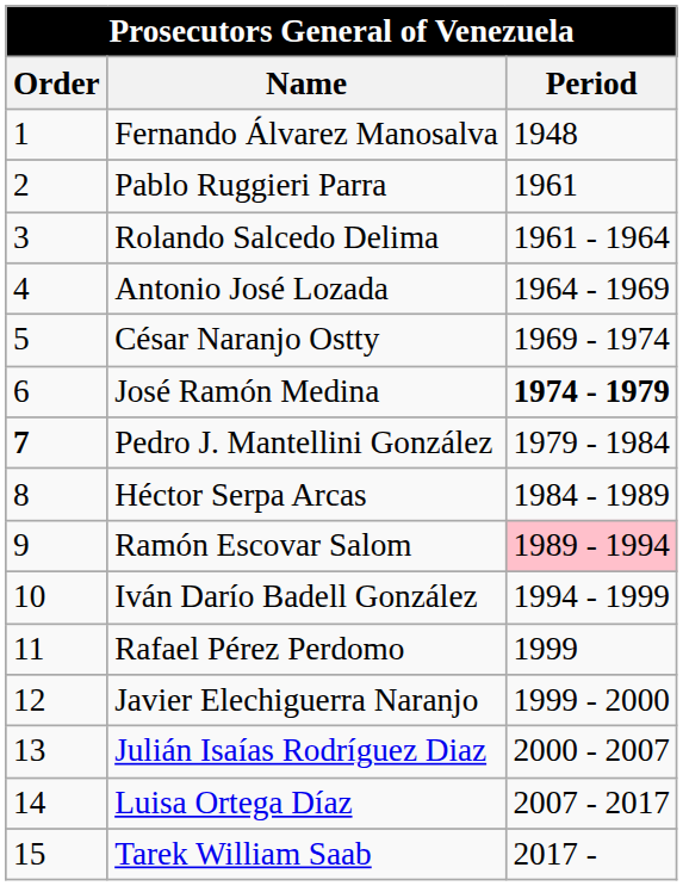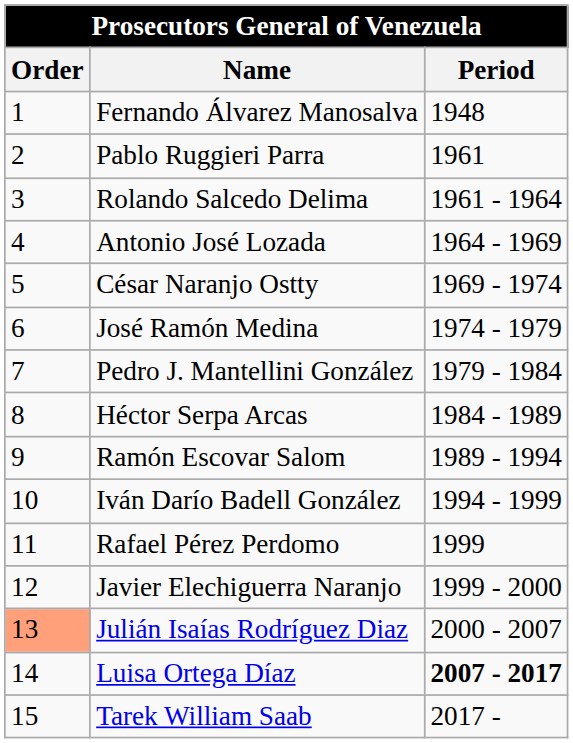 <table class="wikitable">
 <tr>
 <td bgcolor="black" colspan="4" align="center" style="color:white;"><strong>Prosecutors General of  Venezuela</strong></td>
 </tr>
 <tr bgcolor=#efefef>
 <th align="center"><strong>Order</strong></th>
 <th align="center"><strong>Name</strong></th>
 <th align="center"><strong>Period</strong></th>
 </tr>
 <tr>
 <td>1</td>
 <td>Fernando Álvarez Manosalva</td>
 <td>1948</td>
 </tr>
 <tr>
 <td>2</td>
 <td>Pablo Ruggieri Parra</td>
 <td>1961</td>
 </tr>
 <tr>
 <td>3</td>
 <td>Rolando Salcedo Delima</td>
 <td>1961 - 1964</td>
 </tr>
 <tr>
 <td>4</td>
 <td>Antonio José Lozada</td>
 <td>1964 - 1969</td>
 </tr>
 <tr>
 <td>5</td>
 <td>César Naranjo Ostty</td>
 <td>1969 - 1974</td>
 </tr>
 <tr>
 <td>6</td>
 <td>José Ramón Medina</td>
-<td><strong>1974 - 1979</strong></td>
+<td>1974 - 1979</td>
 </tr>
 <tr>
-<td><strong>7</strong></td>
+<td>7</td>
 <td>Pedro J. Mantellini González</td>
 <td>1979 - 1984</td>
 </tr>
 <tr>
 <td>8</td>
 <td>Héctor Serpa Arcas</td>
 <td>1984 - 1989</td>
 </tr>
 <tr>
 <td>9</td>
 <td>Ramón Escovar Salom</td>
-<td style="background: pink;">1989 - 1994</td>
+<td>1989 - 1994</td>
 </tr>
 <tr>
 <td>10</td>
 <td>Iván Darío Badell González</td>
 <td>1994 - 1999</td>
 </tr>
 <tr>
 <td>11</td>
 <td>Rafael Pérez Perdomo</td>
 <td>1999</td>
 </tr>
 <tr>
 <td>12</td>
 <td>Javier Elechiguerra Naranjo</td>
 <td>1999 - 2000</td>
 </tr>
 <tr>
-<td>13</td>
+<td style="background: lightsalmon;">13</td>
 <td><a href='#'>Julián Isaías Rodríguez Diaz</a></td>
 <td>2000 - 2007</td>
 </tr>
 <tr>
 <td>14</td>
 <td><a href='#'>Luisa Ortega Díaz</a></td>
-<td>2007 - 2017</td>
+<td><strong>2007 - 2017</strong></td>
 </tr>
 <tr>
 <td>15</td>
 <td><a href='#'>Tarek William Saab</a></td>
 <td>2017 -</td>
 </tr>
 </table>
